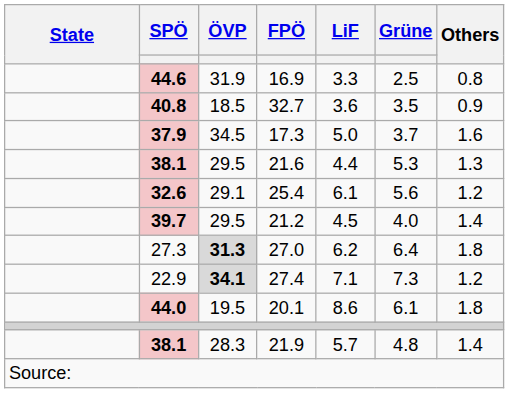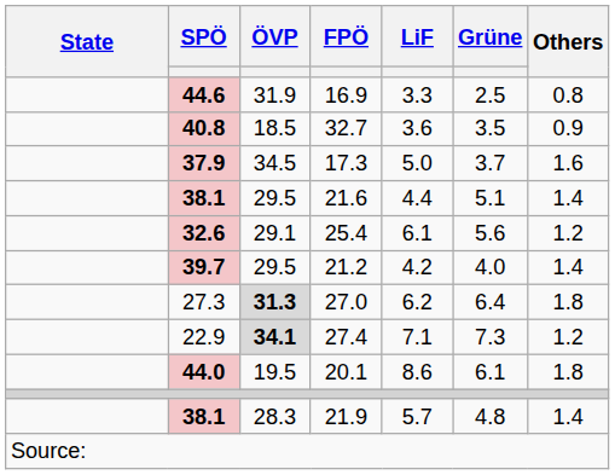 <table class="wikitable sortable" style="text-align:center;font-size:90%;line-height:16px">
 <tr style="height:40px;">
 <th style="width:100px;" rowspan="2"><a href='#'>State</a></th>
 <th style="width:40px;"><a href='#'>SPÖ</a></th>
 <th style="width:40px;"><a href='#'>ÖVP</a></th>
 <th style="width:40px;"><a href='#'>FPÖ</a></th>
 <th style="width:40px;"><a href='#'>LiF</a></th>
 <th style="width:40px;"><a href='#'>Grüne</a></th>
 <th class="unsortable" style="width:40px;" rowspan="2">Others</th>
 </tr>
 <tr>
 <th style="background:"></th>
 <th style="background:"></th>
 <th style="background:"></th>
 <th style="background:"></th>
 <th style="background:"></th>
 </tr>
 <tr>
 <td align=left></td>
 <td bgcolor=#F4C6C9><strong>44.6</strong></td>
 <td>31.9</td>
 <td>16.9</td>
 <td>3.3</td>
 <td>2.5</td>
 <td>0.8</td>
 </tr>
 <tr>
 <td align=left></td>
 <td bgcolor=#F4C6C9><strong>40.8</strong></td>
 <td>18.5</td>
 <td>32.7</td>
 <td>3.6</td>
 <td>3.5</td>
 <td>0.9</td>
 </tr>
 <tr>
 <td align=left></td>
 <td bgcolor=#F4C6C9><strong>37.9</strong></td>
 <td>34.5</td>
 <td>17.3</td>
 <td>5.0</td>
 <td>3.7</td>
 <td>1.6</td>
 </tr>
 <tr>
 <td align=left></td>
 <td bgcolor=#F4C6C9><strong>38.1</strong></td>
 <td>29.5</td>
 <td>21.6</td>
 <td>4.4</td>
-<td>5.3</td>
-<td>1.3</td>
+<td>5.1</td>
+<td>1.4</td>
 </tr>
 <tr>
 <td align=left></td>
 <td bgcolor=#F4C6C9><strong>32.6</strong></td>
 <td>29.1</td>
 <td>25.4</td>
 <td>6.1</td>
 <td>5.6</td>
 <td>1.2</td>
 </tr>
 <tr>
 <td align=left></td>
 <td bgcolor=#F4C6C9><strong>39.7</strong></td>
 <td>29.5</td>
 <td>21.2</td>
-<td>4.5</td>
+<td>4.2</td>
 <td>4.0</td>
 <td>1.4</td>
 </tr>
 <tr>
 <td align=left></td>
 <td>27.3</td>
 <td bgcolor=#D9D9D9><strong>31.3</strong></td>
 <td>27.0</td>
 <td>6.2</td>
 <td>6.4</td>
 <td>1.8</td>
 </tr>
 <tr>
 <td align=left></td>
 <td>22.9</td>
 <td bgcolor=#D9D9D9><strong>34.1</strong></td>
 <td>27.4</td>
 <td>7.1</td>
 <td>7.3</td>
 <td>1.2</td>
 </tr>
 <tr>
 <td align=left></td>
 <td bgcolor=#F4C6C9><strong>44.0</strong></td>
 <td>19.5</td>
 <td>20.1</td>
 <td>8.6</td>
 <td>6.1</td>
 <td>1.8</td>
 </tr>
 <tr>
 <td colspan=10 bgcolor=lightgrey></td>
 </tr>
 <tr>
 <td align=left></td>
 <td bgcolor=#F4C6C9><strong>38.1</strong></td>
 <td>28.3</td>
 <td>21.9</td>
 <td>5.7</td>
 <td>4.8</td>
 <td>1.4</td>
 </tr>
 <tr class=sortbottom>
 <td colspan=10 align=left>Source: </td>
 </tr>
 </table>
